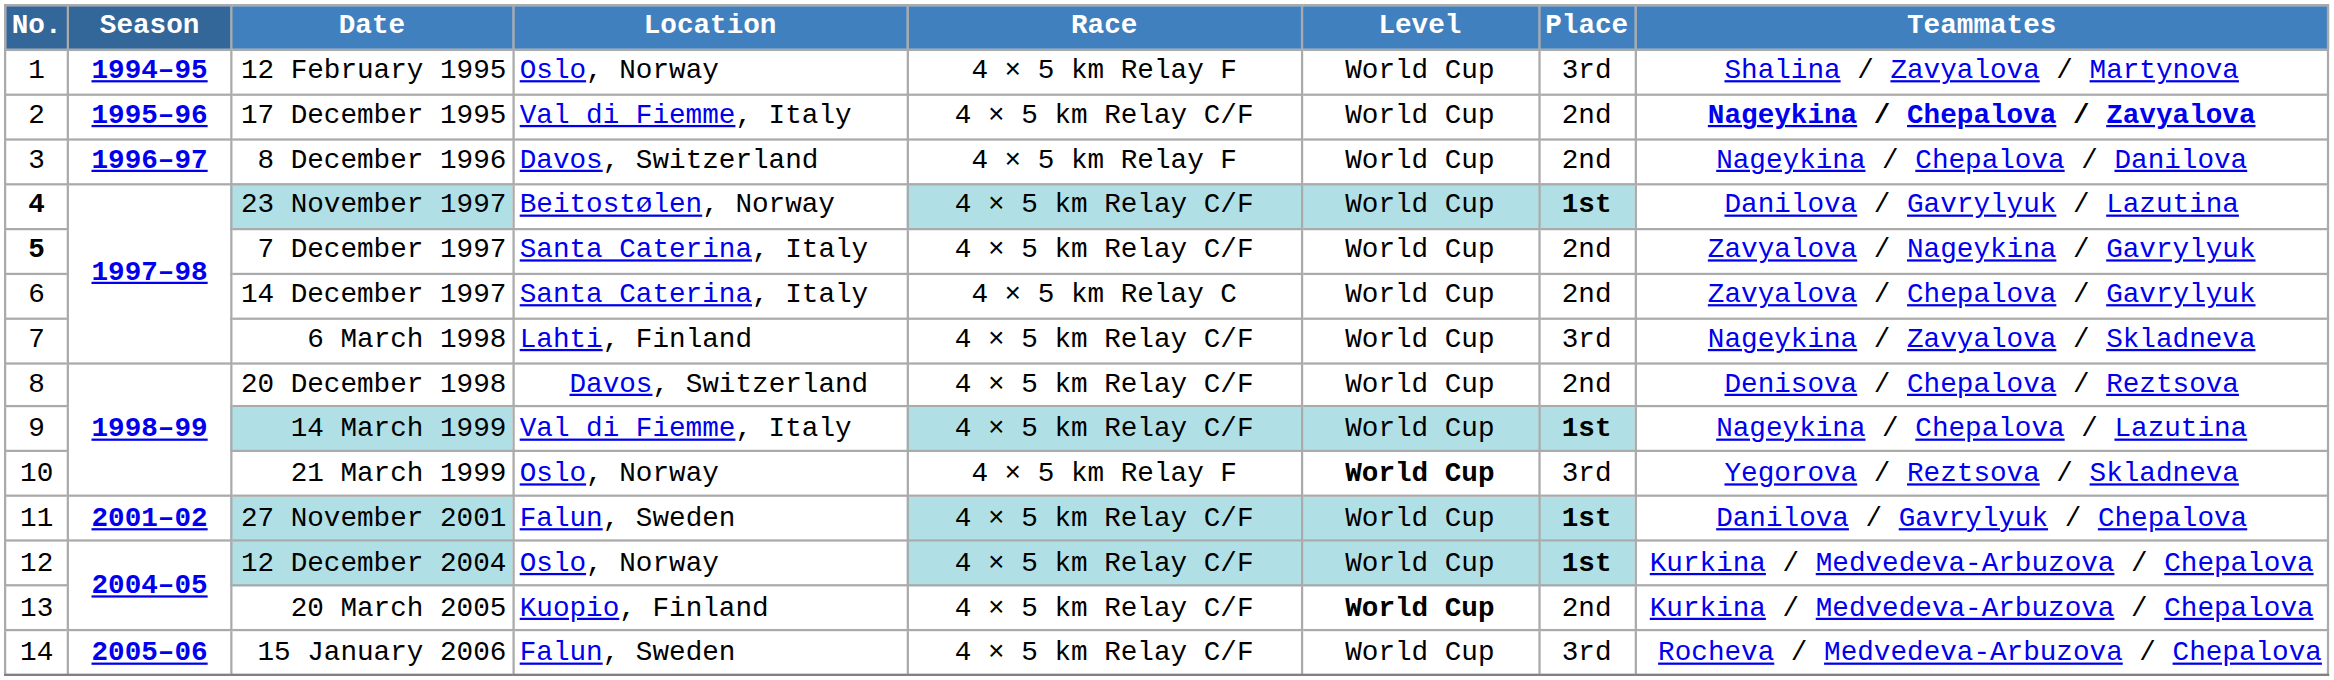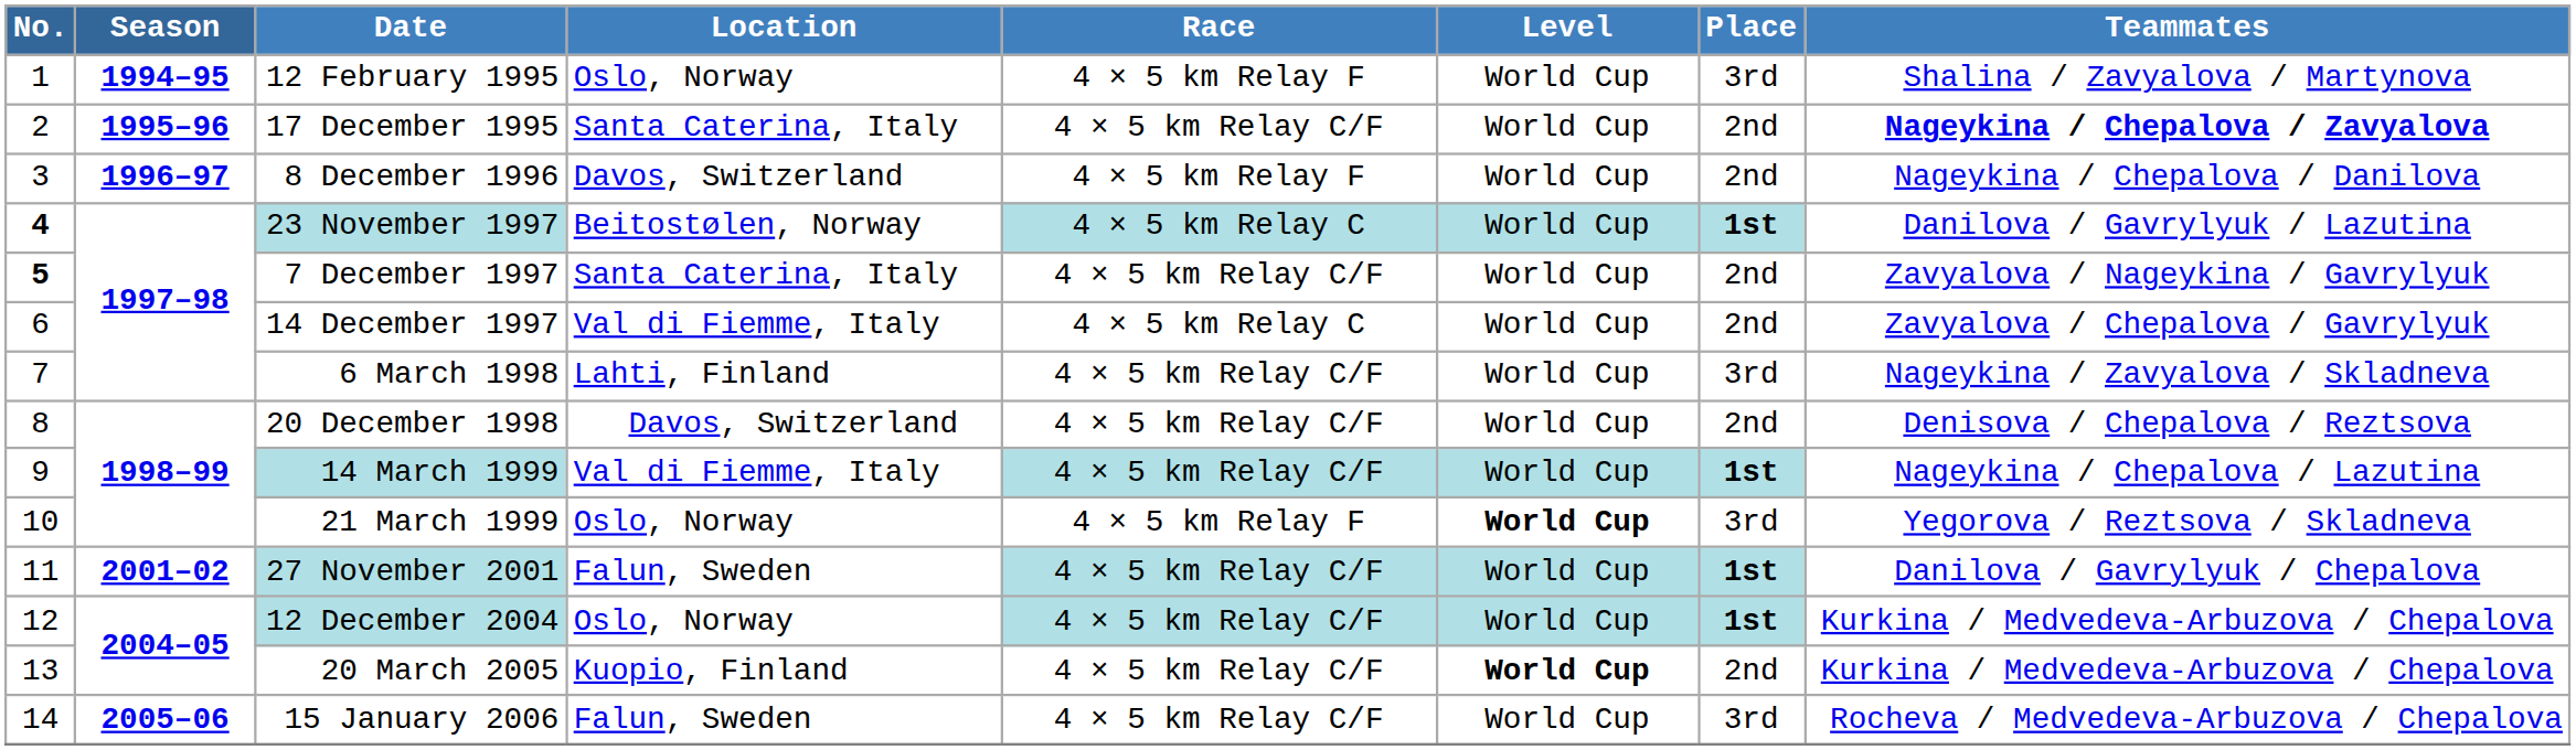 <table class="wikitable sortable" style="font-size:95%; text-align:center; border:grey solid 1px; border-collapse:collapse; background:#ffffff;">
 <tr style="background:#efefef;">
 <th style="background-color:#369; color:white;">No.</th>
 <th style="background-color:#369; color:white;">Season</th>
 <th style="background-color:#4180be; color:white; width:120px;">Date</th>
 <th style="background-color:#4180be; color:white; width:170px;">Location</th>
 <th style="background-color:#4180be; color:white; width:170px;">Race</th>
 <th style="background-color:#4180be; color:white; width:100px;">Level</th>
 <th style="background-color:#4180be; color:white;">Place</th>
 <th style="background-color:#4180be; color:white;">Teammates</th>
 </tr>
 <tr>
 <td align=center>1</td>
 <td rowspan=1 align=center><strong> <a href='#'>1994–95</a> </strong></td>
 <td align=right>12 February 1995</td>
 <td align=left> <a href='#'>Oslo</a>, Norway</td>
 <td>4 × 5 km Relay F</td>
 <td>World Cup</td>
 <td>3rd</td>
 <td><a href='#'>Shalina</a> / <a href='#'>Zavyalova</a> / <a href='#'>Martynova</a></td>
 </tr>
 <tr>
 <td align=center>2</td>
 <td rowspan=1 align=center><strong> <a href='#'>1995–96</a> </strong></td>
 <td align=right>17 December 1995</td>
-<td align=left> <a href='#'>Val di Fiemme</a>, Italy</td>
+<td align=left> <a href='#'>Santa Caterina</a>, Italy</td>
 <td>4 × 5 km Relay C/F</td>
 <td>World Cup</td>
 <td>2nd</td>
 <td><strong><a href='#'>Nageykina</a> / <a href='#'>Chepalova</a> / <a href='#'>Zavyalova</a></strong></td>
 </tr>
 <tr>
 <td align=center>3</td>
 <td rowspan=1 align=center><strong> <a href='#'>1996–97</a> </strong></td>
 <td align=right>8 December 1996</td>
 <td align=left> <a href='#'>Davos</a>, Switzerland</td>
 <td>4 × 5 km Relay F</td>
 <td>World Cup</td>
 <td>2nd</td>
 <td><a href='#'>Nageykina</a> / <a href='#'>Chepalova</a> / <a href='#'>Danilova</a></td>
 </tr>
 <tr>
 <td align=center><strong>4</strong></td>
 <td rowspan=4 align=center><strong><a href='#'>1997–98</a></strong></td>
 <td bgcolor="#BOEOE6" align=right>23 November 1997</td>
 <td align=left> <a href='#'>Beitostølen</a>, Norway</td>
-<td bgcolor="#BOEOE6">4 × 5 km Relay C/F</td>
+<td bgcolor="#BOEOE6">4 × 5 km Relay C</td>
 <td bgcolor="#BOEOE6">World Cup</td>
 <td bgcolor="#BOEOE6"><strong>1st</strong></td>
 <td><a href='#'>Danilova</a> / <a href='#'>Gavrylyuk</a> / <a href='#'>Lazutina</a></td>
 </tr>
 <tr>
 <td align=center><strong>5</strong></td>
 <td align=right>7 December 1997</td>
 <td align=left> <a href='#'>Santa Caterina</a>, Italy</td>
 <td>4 × 5 km Relay C/F</td>
 <td>World Cup</td>
 <td>2nd</td>
 <td><a href='#'>Zavyalova</a> / <a href='#'>Nageykina</a> / <a href='#'>Gavrylyuk</a></td>
 </tr>
 <tr>
 <td align=center>6</td>
 <td align=right>14 December 1997</td>
-<td align=left> <a href='#'>Santa Caterina</a>, Italy</td>
+<td align=left> <a href='#'>Val di Fiemme</a>, Italy</td>
 <td>4 × 5 km Relay C</td>
 <td>World Cup</td>
 <td>2nd</td>
 <td><a href='#'>Zavyalova</a> / <a href='#'>Chepalova</a> / <a href='#'>Gavrylyuk</a></td>
 </tr>
 <tr>
 <td align=center>7</td>
 <td align=right>6 March 1998</td>
 <td align=left> <a href='#'>Lahti</a>, Finland</td>
 <td>4 × 5 km Relay C/F</td>
 <td>World Cup</td>
 <td>3rd</td>
 <td><a href='#'>Nageykina</a> / <a href='#'>Zavyalova</a> / <a href='#'>Skladneva</a></td>
 </tr>
 <tr>
 <td align=center>8</td>
 <td rowspan=3 align=center><strong><a href='#'>1998–99</a></strong></td>
 <td align=right>20 December 1998</td>
 <td align=left>   <a href='#'>Davos</a>, Switzerland</td>
 <td>4 × 5 km Relay C/F</td>
 <td>World Cup</td>
 <td>2nd</td>
 <td><a href='#'>Denisova</a> / <a href='#'>Chepalova</a> / <a href='#'>Reztsova</a></td>
 </tr>
 <tr>
 <td align=center>9</td>
 <td bgcolor="#BOEOE6" align=right>14 March 1999</td>
 <td align=left> <a href='#'>Val di Fiemme</a>, Italy</td>
 <td bgcolor="#BOEOE6">4 × 5 km Relay C/F</td>
 <td bgcolor="#BOEOE6">World Cup</td>
 <td bgcolor="#BOEOE6"><strong>1st</strong></td>
 <td><a href='#'>Nageykina</a> / <a href='#'>Chepalova</a> / <a href='#'>Lazutina</a></td>
 </tr>
 <tr>
 <td align=center>10</td>
 <td align=right>21 March 1999</td>
 <td align=left> <a href='#'>Oslo</a>, Norway</td>
 <td>4 × 5 km Relay F</td>
 <td><strong>World Cup</strong></td>
 <td>3rd</td>
 <td><a href='#'>Yegorova</a> / <a href='#'>Reztsova</a> / <a href='#'>Skladneva</a></td>
 </tr>
 <tr>
 <td align=center>11</td>
 <td rowspan=1 align=center><strong><a href='#'>2001–02</a></strong></td>
 <td bgcolor="#BOEOE6" align=right>27 November 2001</td>
 <td align=left> <a href='#'>Falun</a>, Sweden</td>
 <td bgcolor="#BOEOE6">4 × 5 km Relay C/F</td>
 <td bgcolor="#BOEOE6">World Cup</td>
 <td bgcolor="#BOEOE6"><strong>1st</strong></td>
 <td><a href='#'>Danilova</a> / <a href='#'>Gavrylyuk</a> / <a href='#'>Chepalova</a></td>
 </tr>
 <tr>
 <td align=center>12</td>
 <td rowspan=2 align=center><strong><a href='#'>2004–05</a></strong></td>
 <td bgcolor="#BOEOE6" align=right>12 December 2004</td>
 <td align=left> <a href='#'>Oslo</a>, Norway</td>
 <td bgcolor="#BOEOE6">4 × 5 km Relay C/F</td>
 <td bgcolor="#BOEOE6">World Cup</td>
 <td bgcolor="#BOEOE6"><strong>1st</strong></td>
 <td><a href='#'>Kurkina</a> / <a href='#'>Medvedeva-Arbuzova</a> / <a href='#'>Chepalova</a></td>
 </tr>
 <tr>
 <td align=center>13</td>
 <td align=right>20 March 2005</td>
 <td align=left> <a href='#'>Kuopio</a>, Finland</td>
 <td>4 × 5 km Relay C/F</td>
 <td><strong>World Cup</strong></td>
 <td>2nd</td>
 <td><a href='#'>Kurkina</a> / <a href='#'>Medvedeva-Arbuzova</a> / <a href='#'>Chepalova</a></td>
 </tr>
 <tr>
 <td align=center>14</td>
 <td align=center><strong><a href='#'>2005–06</a></strong></td>
 <td align=right>15 January 2006</td>
 <td align=left> <a href='#'>Falun</a>, Sweden</td>
 <td>4 × 5 km Relay C/F</td>
 <td>World Cup</td>
 <td>3rd</td>
 <td> <a href='#'>Rocheva</a> / <a href='#'>Medvedeva-Arbuzova</a> / <a href='#'>Chepalova</a></td>
 </tr>
 <tr>
 </tr>
 </table>
